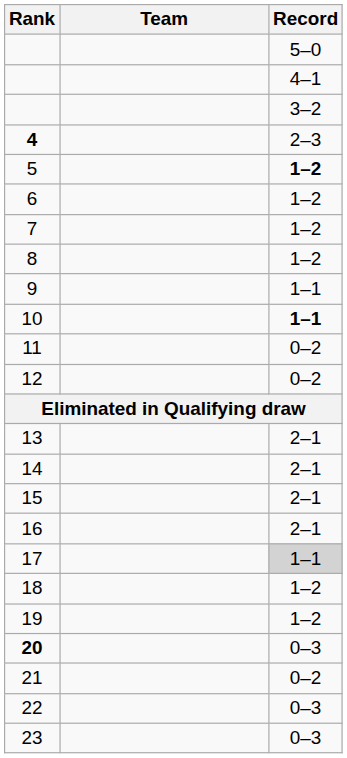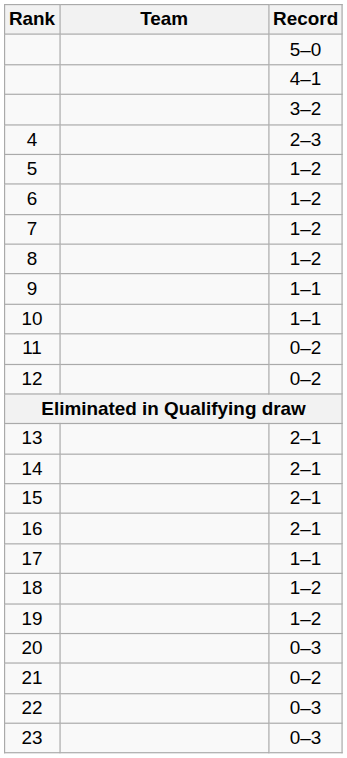 <table class="wikitable" style="text-align: center;">
 <tr>
 <th>Rank</th>
 <th width=170>Team</th>
 <th>Record</th>
 </tr>
 <tr>
 <td></td>
 <td align=left></td>
 <td>5–0</td>
 </tr>
 <tr>
 <td></td>
 <td align=left></td>
 <td>4–1</td>
 </tr>
 <tr>
 <td></td>
 <td align=left></td>
 <td>3–2</td>
 </tr>
 <tr>
-<td><strong>4</strong></td>
+<td>4</td>
 <td align=left></td>
 <td>2–3</td>
 </tr>
 <tr>
 <td>5</td>
 <td align=left></td>
-<td><strong>1–2</strong></td>
+<td>1–2</td>
 </tr>
 <tr>
 <td>6</td>
 <td align=left></td>
 <td>1–2</td>
 </tr>
 <tr>
 <td>7</td>
 <td align=left></td>
 <td>1–2</td>
 </tr>
 <tr>
 <td>8</td>
 <td align=left></td>
 <td>1–2</td>
 </tr>
 <tr>
 <td>9</td>
 <td align=left></td>
 <td>1–1</td>
 </tr>
 <tr>
 <td>10</td>
 <td align=left></td>
-<td><strong>1–1</strong></td>
+<td>1–1</td>
 </tr>
 <tr>
 <td>11</td>
 <td align=left></td>
 <td>0–2</td>
 </tr>
 <tr>
 <td>12</td>
 <td align=left></td>
 <td>0–2</td>
 </tr>
 <tr>
 <th colspan="3">Eliminated in Qualifying draw</th>
 </tr>
 <tr>
 <td>13</td>
 <td align=left></td>
 <td>2–1</td>
 </tr>
 <tr>
 <td>14</td>
 <td align=left></td>
 <td>2–1</td>
 </tr>
 <tr>
 <td>15</td>
 <td align=left></td>
 <td>2–1</td>
 </tr>
 <tr>
 <td>16</td>
 <td align=left></td>
 <td>2–1</td>
 </tr>
 <tr>
 <td>17</td>
 <td align=left></td>
-<td style="background: lightgrey;">1–1</td>
+<td>1–1</td>
 </tr>
 <tr>
 <td>18</td>
 <td align=left></td>
 <td>1–2</td>
 </tr>
 <tr>
 <td>19</td>
 <td align=left></td>
 <td>1–2</td>
 </tr>
 <tr>
-<td><strong>20</strong></td>
+<td>20</td>
 <td align=left></td>
 <td>0–3</td>
 </tr>
 <tr>
 <td>21</td>
 <td align=left></td>
 <td>0–2</td>
 </tr>
 <tr>
 <td>22</td>
 <td align=left></td>
 <td>0–3</td>
 </tr>
 <tr>
 <td>23</td>
 <td align=left></td>
 <td>0–3</td>
 </tr>
 </table>
